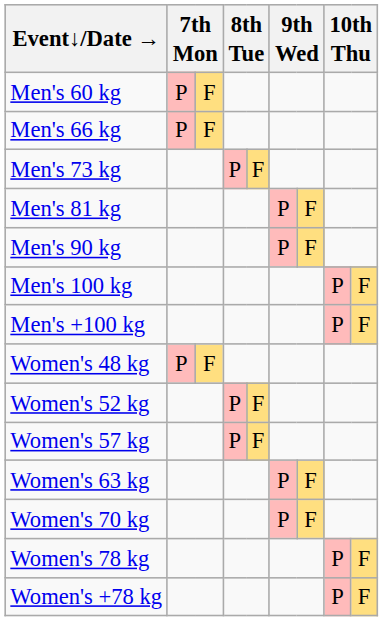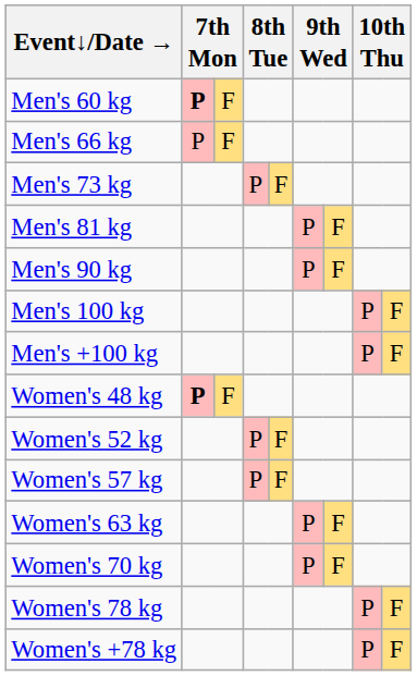 <table class="wikitable" style="margin:0.5em auto; font-size:90%; line-height:1.25em; text-align:center;">
 <tr>
 <th>Event↓/Date →</th>
 <th colspan=2>7th<br>Mon</th>
 <th colspan=2>8th<br>Tue</th>
 <th colspan=2>9th<br>Wed</th>
 <th colspan=2>10th<br>Thu</th>
 </tr>
 <tr>
 <td align="left"><a href='#'>Men's 60 kg</a></td>
-<td bgcolor="#FFBBBB">P</td>
+<td bgcolor="#FFBBBB"><strong>P</strong></td>
 <td bgcolor="#FFDF80">F</td>
 <td colspan=2></td>
 <td colspan=2></td>
 <td colspan=2></td>
 </tr>
 <tr>
 <td align="left"><a href='#'>Men's 66 kg</a></td>
 <td bgcolor="#FFBBBB">P</td>
 <td bgcolor="#FFDF80">F</td>
 <td colspan=2></td>
 <td colspan=2></td>
 <td colspan=2></td>
 </tr>
 <tr>
 <td align="left"><a href='#'>Men's 73 kg</a></td>
 <td colspan=2></td>
 <td bgcolor="#FFBBBB">P</td>
 <td bgcolor="#FFDF80">F</td>
 <td colspan=2></td>
 <td colspan=2></td>
 </tr>
 <tr>
 <td align="left"><a href='#'>Men's 81 kg</a></td>
 <td colspan=2></td>
 <td colspan=2></td>
 <td bgcolor="#FFBBBB">P</td>
 <td bgcolor="#FFDF80">F</td>
 <td colspan=2></td>
 </tr>
 <tr>
 <td align="left"><a href='#'>Men's 90 kg</a></td>
 <td colspan=2></td>
 <td colspan=2></td>
 <td bgcolor="#FFBBBB">P</td>
 <td bgcolor="#FFDF80">F</td>
 <td colspan=2></td>
 </tr>
 <tr>
 <td align="left"><a href='#'>Men's 100 kg</a></td>
 <td colspan=2></td>
 <td colspan=2></td>
 <td colspan=2></td>
 <td bgcolor="#FFBBBB">P</td>
 <td bgcolor="#FFDF80">F</td>
 </tr>
 <tr>
 <td align="left"><a href='#'>Men's +100 kg</a></td>
 <td colspan=2></td>
 <td colspan=2></td>
 <td colspan=2></td>
 <td bgcolor="#FFBBBB">P</td>
 <td bgcolor="#FFDF80">F</td>
 </tr>
 <tr>
 <td align="left"><a href='#'>Women's 48 kg</a></td>
-<td bgcolor="#FFBBBB">P</td>
+<td bgcolor="#FFBBBB"><strong>P</strong></td>
 <td bgcolor="#FFDF80">F</td>
 <td colspan=2></td>
 <td colspan=2></td>
 <td colspan=2></td>
 </tr>
 <tr>
 <td align="left"><a href='#'>Women's 52 kg</a></td>
 <td colspan=2></td>
 <td bgcolor="#FFBBBB">P</td>
 <td bgcolor="#FFDF80">F</td>
 <td colspan=2></td>
 <td colspan=2></td>
 </tr>
 <tr>
 <td align="left"><a href='#'>Women's 57 kg</a></td>
 <td colspan=2></td>
 <td bgcolor="#FFBBBB">P</td>
 <td bgcolor="#FFDF80">F</td>
 <td colspan=2></td>
 <td colspan=2></td>
 </tr>
 <tr>
 <td align="left"><a href='#'>Women's 63 kg</a></td>
 <td colspan=2></td>
 <td colspan=2></td>
 <td bgcolor="#FFBBBB">P</td>
 <td bgcolor="#FFDF80">F</td>
 <td colspan=2></td>
 </tr>
 <tr>
 <td align="left"><a href='#'>Women's 70 kg</a></td>
 <td colspan=2></td>
 <td colspan=2></td>
 <td bgcolor="#FFBBBB">P</td>
 <td bgcolor="#FFDF80">F</td>
 <td colspan=2></td>
 </tr>
 <tr>
 <td align="left"><a href='#'>Women's 78 kg</a></td>
 <td colspan=2></td>
 <td colspan=2></td>
 <td colspan=2></td>
 <td bgcolor="#FFBBBB">P</td>
 <td bgcolor="#FFDF80">F</td>
 </tr>
 <tr>
 <td align="left"><a href='#'>Women's +78 kg</a></td>
 <td colspan=2></td>
 <td colspan=2></td>
 <td colspan=2></td>
 <td bgcolor="#FFBBBB">P</td>
 <td bgcolor="#FFDF80">F</td>
 </tr>
 </table>
